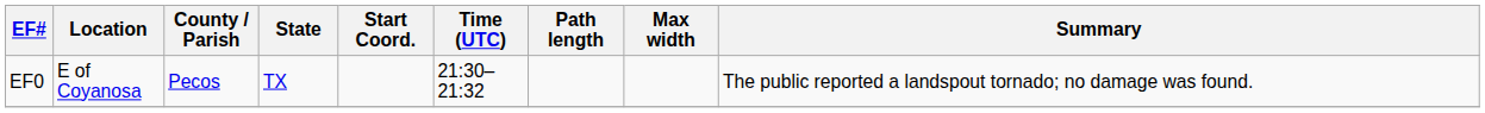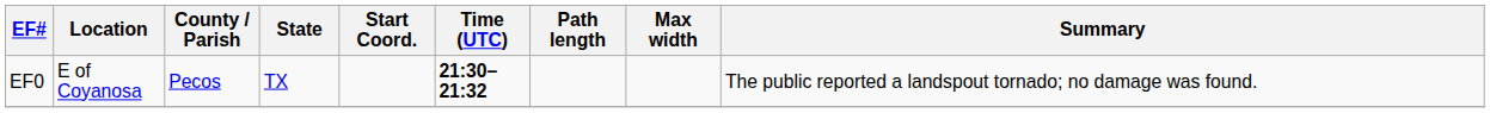 <table class="wikitable sortable" style="width:100%;">
 <tr>
 <th scope="col"  style="width:3%; text-align:center;"><a href='#'>EF#</a></th>
 <th scope="col"  style="width:7%; text-align:center;" class="unsortable">Location</th>
 <th scope="col"  style="width:6%; text-align:center;" class="unsortable">County / Parish</th>
 <th scope="col"  style="width:5%; text-align:center;">State</th>
 <th scope="col"  style="width:6%; text-align:center;">Start Coord.</th>
 <th scope="col"  style="width:6%; text-align:center;">Time (<a href='#'>UTC</a>)</th>
 <th scope="col"  style="width:6%; text-align:center;">Path length</th>
 <th scope="col"  style="width:6%; text-align:center;">Max width</th>
 <th scope="col" class="unsortable" style="width:48%; text-align:center;">Summary</th>
 </tr>
 <tr>
 <td>EF0</td>
 <td>E of <a href='#'>Coyanosa</a></td>
 <td><a href='#'>Pecos</a></td>
 <td><a href='#'>TX</a></td>
 <td></td>
-<td>21:30–21:32</td>
+<td><strong>21:30–21:32</strong></td>
 <td></td>
 <td></td>
 <td>The public reported a landspout tornado; no damage was found.</td>
 </tr>
 <tr>
 </tr>
 </table>
